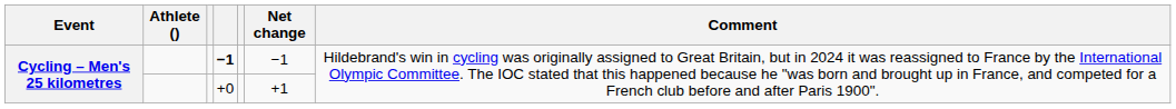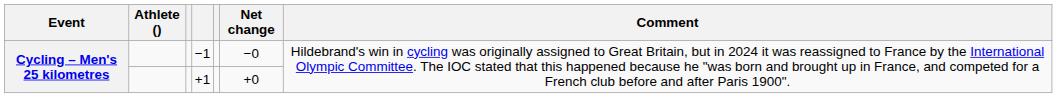 <table class="wikitable" style="text-align:center">
 <tr>
 <th scope="col">Event</th>
 <th scope="col">Athlete ()</th>
 <th scope="col"></th>
 <th scope="col"></th>
 <th scope="col"></th>
 <th scope="col">Net change</th>
 <th scope="col">Comment</th>
 </tr>
 <tr>
 <th scope=rowgroup rowspan="2"><a href='#'>Cycling – Men's 25 kilometres</a></th>
 <td align="left"></td>
 <td></td>
-<td><strong>−1</strong></td>
+<td>−1</td>
 <td></td>
-<td>−1</td>
+<td>−0</td>
 <td rowspan="2">Hildebrand's win in <a href='#'>cycling</a> was originally assigned to Great Britain, but in 2024 it was reassigned to France by the <a href='#'>International Olympic Committee</a>. The IOC stated that this happened because he "was born and brought up in France, and competed for a French club before and after Paris 1900".</td>
 </tr>
 <tr>
 <td align="left"></td>
 <td></td>
+<td>+1</td>
+<td></td>
 <td>+0</td>
-<td></td>
-<td>+1</td>
 </tr>
 </table>
